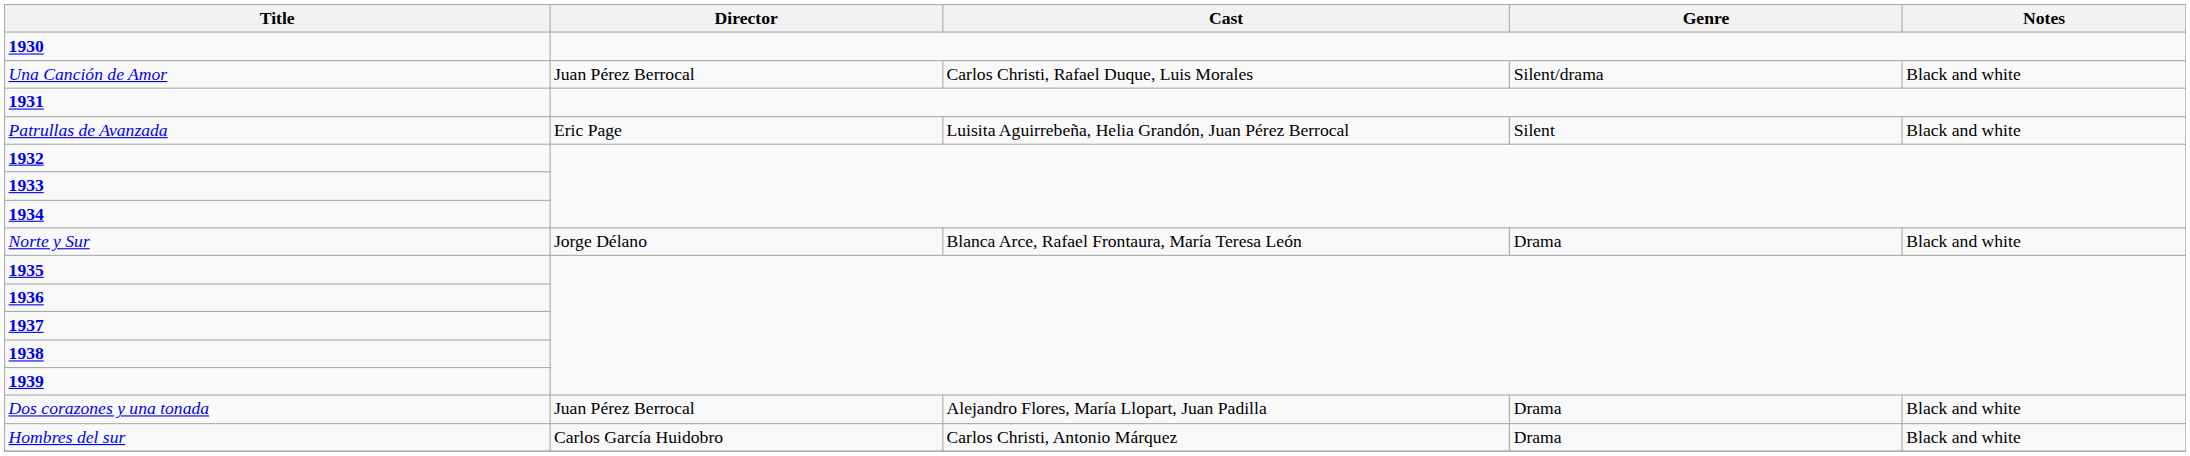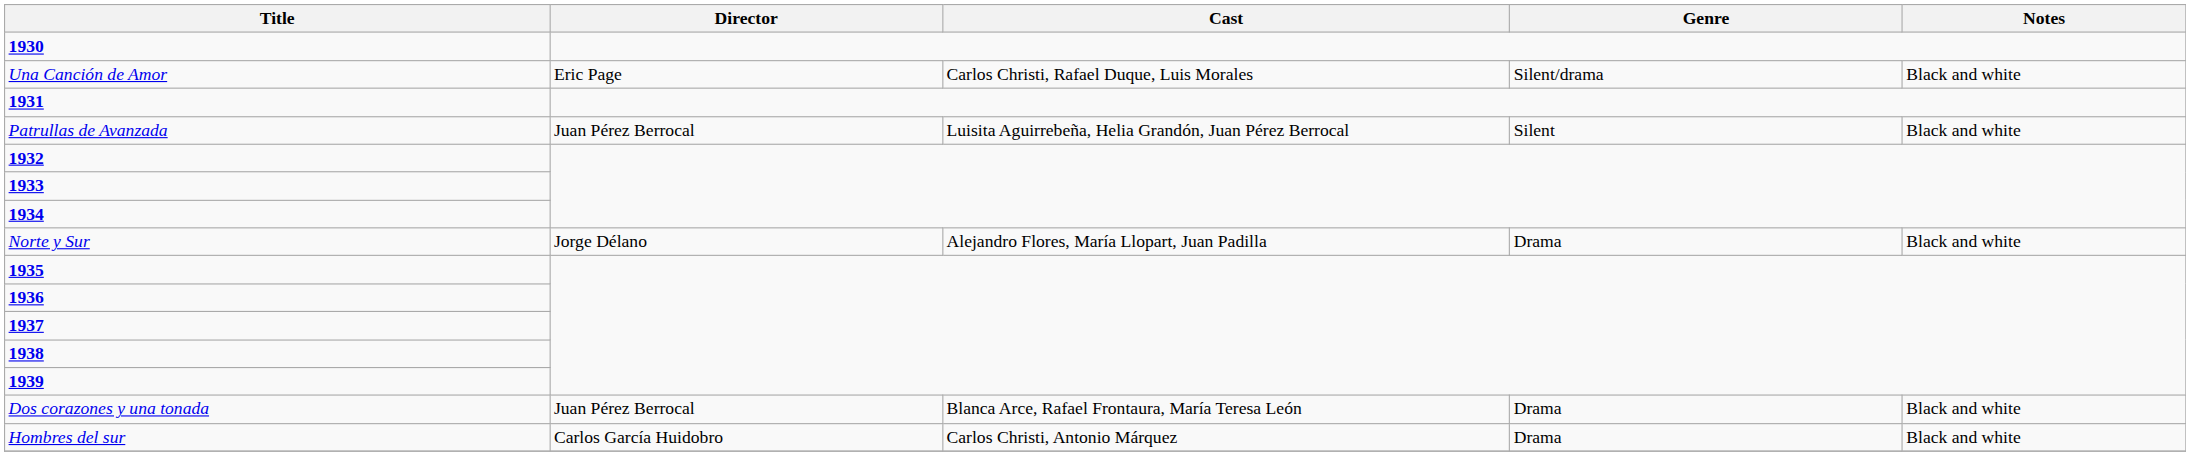 <table class="wikitable" width= "100%">
 <tr>
 <th width=25%>Title</th>
 <th width=18%>Director</th>
 <th width=26%>Cast</th>
 <th width=18%>Genre</th>
 <th width=13%>Notes</th>
 </tr>
 <tr>
 <td><strong><a href='#'>1930</a></strong></td>
 </tr>
 <tr>
 <td><em><a href='#'>Una Canción de Amor</a></em></td>
-<td>Juan Pérez Berrocal</td>
+<td>Eric Page</td>
 <td>Carlos Christi, Rafael Duque, Luis Morales</td>
 <td>Silent/drama</td>
 <td>Black and white</td>
 </tr>
 <tr>
 <td><strong><a href='#'>1931</a></strong></td>
 </tr>
 <tr>
 <td><em><a href='#'>Patrullas de Avanzada</a></em></td>
-<td>Eric Page</td>
+<td>Juan Pérez Berrocal</td>
 <td>Luisita Aguirrebeña, Helia Grandón, Juan Pérez Berrocal</td>
 <td>Silent</td>
 <td>Black and white</td>
 </tr>
 <tr>
 <td><strong><a href='#'>1932</a></strong></td>
 </tr>
 <tr>
 <td><strong><a href='#'>1933</a></strong></td>
 </tr>
 <tr>
 <td><strong><a href='#'>1934</a></strong></td>
 </tr>
 <tr>
 <td><em><a href='#'>Norte y Sur</a></em></td>
 <td>Jorge Délano</td>
-<td>Blanca Arce, Rafael Frontaura, María Teresa León</td>
+<td>Alejandro Flores, María Llopart, Juan Padilla</td>
 <td>Drama</td>
 <td>Black and white</td>
 </tr>
 <tr>
 <td><strong><a href='#'>1935</a></strong></td>
 </tr>
 <tr>
 <td><strong><a href='#'>1936</a></strong></td>
 </tr>
 <tr>
 <td><strong><a href='#'>1937</a></strong></td>
 </tr>
 <tr>
 <td><strong><a href='#'>1938</a></strong></td>
 </tr>
 <tr>
 <td><strong><a href='#'>1939</a></strong></td>
 </tr>
 <tr>
 <td><em><a href='#'>Dos corazones y una tonada</a></em></td>
 <td>Juan Pérez Berrocal</td>
-<td>Alejandro Flores, María Llopart, Juan Padilla</td>
+<td>Blanca Arce, Rafael Frontaura, María Teresa León</td>
 <td>Drama</td>
 <td>Black and white</td>
 </tr>
 <tr>
 <td><em><a href='#'>Hombres del sur</a></em></td>
 <td>Carlos García Huidobro</td>
 <td>Carlos Christi, Antonio Márquez</td>
 <td>Drama</td>
 <td>Black and white</td>
 </tr>
 <tr>
 </tr>
 </table>
